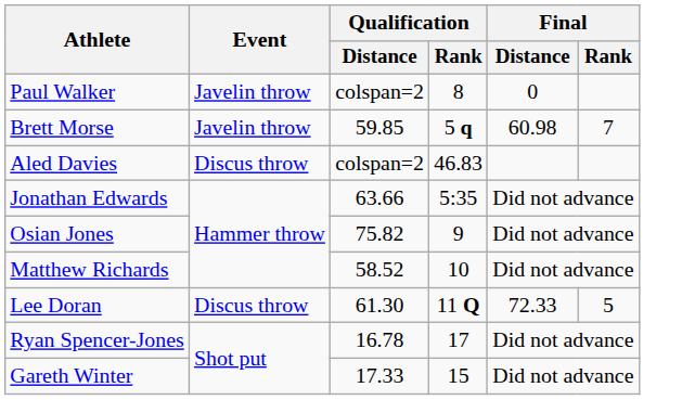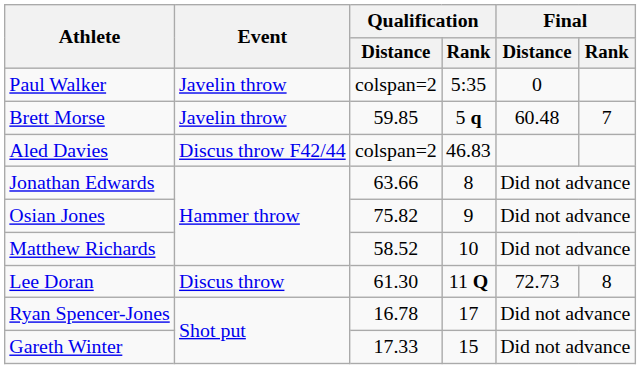 <table class="wikitable" style="font-size:90%">
 <tr>
 <th rowspan=2>Athlete</th>
 <th rowspan=2>Event</th>
 <th colspan=2>Qualification</th>
 <th colspan=2>Final</th>
 </tr>
 <tr style="font-size:95%">
 <th>Distance</th>
 <th>Rank</th>
 <th>Distance</th>
 <th>Rank</th>
 </tr>
 <tr align=center>
 <td align=left><a href='#'>Paul Walker</a></td>
 <td align=left><a href='#'>Javelin throw</a></td>
 <td>colspan=2 </td>
-<td>8</td>
+<td>5:35</td>
 <td>0</td>
 </tr>
 <tr align=center>
 <td align=left><a href='#'>Brett Morse</a></td>
 <td align=left><a href='#'>Javelin throw</a></td>
 <td>59.85</td>
 <td>5 <strong>q</strong></td>
-<td>60.98</td>
+<td>60.48</td>
 <td>7</td>
 </tr>
 <tr align=center>
 <td align=left><a href='#'>Aled Davies</a></td>
-<td align=left><a href='#'>Discus throw</a></td>
+<td align=left><a href='#'>Discus throw F42/44</a></td>
 <td>colspan=2 </td>
 <td>46.83</td>
 <td></td>
 </tr>
 <tr align=center>
 <td align=left><a href='#'>Jonathan Edwards</a></td>
 <td align=left rowspan=3><a href='#'>Hammer throw</a></td>
 <td>63.66</td>
-<td>5:35</td>
+<td>8</td>
 <td colspan=2>Did not advance</td>
 </tr>
 <tr align=center>
 <td align=left><a href='#'>Osian Jones</a></td>
 <td>75.82</td>
 <td>9</td>
 <td colspan=2>Did not advance</td>
 </tr>
 <tr align=center>
 <td align=left><a href='#'>Matthew Richards</a></td>
 <td>58.52</td>
 <td>10</td>
 <td colspan=2>Did not advance</td>
 </tr>
 <tr align=center>
 <td align=left><a href='#'>Lee Doran</a></td>
 <td align=left><a href='#'>Discus throw</a></td>
 <td>61.30</td>
 <td>11 <strong>Q</strong></td>
-<td>72.33</td>
-<td>5</td>
+<td>72.73</td>
+<td>8</td>
 </tr>
 <tr align=center>
 <td align=left><a href='#'>Ryan Spencer-Jones</a></td>
 <td align=left rowspan=2><a href='#'>Shot put</a></td>
 <td>16.78</td>
 <td>17</td>
 <td colspan=2>Did not advance</td>
 </tr>
 <tr align=center>
 <td align=left><a href='#'>Gareth Winter</a></td>
 <td>17.33</td>
 <td>15</td>
 <td colspan=2>Did not advance</td>
 </tr>
 </table>
